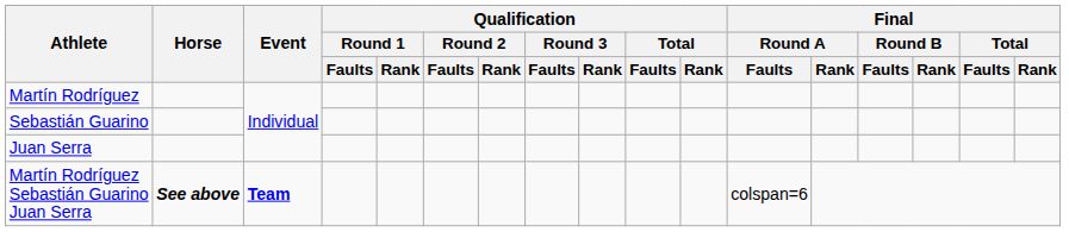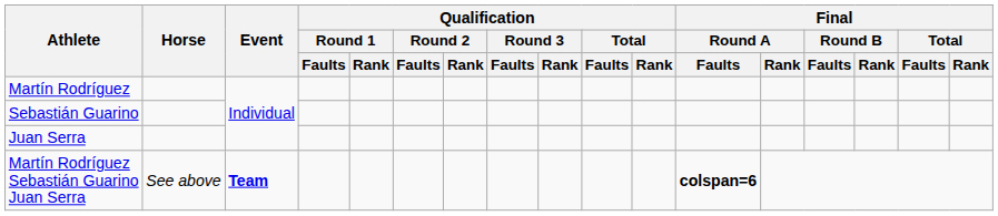 <table class=wikitable style=font-size:90%;text-align:center>
 <tr>
 <th rowspan=3>Athlete</th>
 <th rowspan=3>Horse</th>
 <th rowspan=3>Event</th>
 <th colspan=8>Qualification</th>
 <th colspan=6>Final</th>
 </tr>
 <tr style=font-size:95%>
 <th colspan=2>Round 1</th>
 <th colspan=2>Round 2</th>
 <th colspan=2>Round 3</th>
 <th colspan=2>Total</th>
 <th colspan=2>Round A</th>
 <th colspan=2>Round B</th>
 <th colspan=2>Total</th>
 </tr>
 <tr style=font-size:95%>
 <th>Faults</th>
 <th>Rank</th>
 <th>Faults</th>
 <th>Rank</th>
 <th>Faults</th>
 <th>Rank</th>
 <th>Faults</th>
 <th>Rank</th>
 <th>Faults</th>
 <th>Rank</th>
 <th>Faults</th>
 <th>Rank</th>
 <th>Faults</th>
 <th>Rank</th>
 </tr>
 <tr>
 <td align=left><a href='#'>Martín Rodríguez</a></td>
 <td align=left></td>
 <td align=left rowspan=3><a href='#'>Individual</a></td>
 <td></td>
 <td></td>
 <td></td>
 <td></td>
 <td></td>
 <td></td>
 <td></td>
 <td></td>
 <td></td>
 <td></td>
 <td></td>
 <td></td>
 <td></td>
 <td></td>
 </tr>
 <tr>
 <td align=left><a href='#'>Sebastián Guarino</a></td>
 <td align=left></td>
 <td></td>
 <td></td>
 <td></td>
 <td></td>
 <td></td>
 <td></td>
 <td></td>
 <td></td>
 <td></td>
 <td></td>
 <td></td>
 <td></td>
 <td></td>
 <td></td>
 </tr>
 <tr>
 <td align=left><a href='#'>Juan Serra</a></td>
 <td align=left></td>
 <td></td>
 <td></td>
 <td></td>
 <td></td>
 <td></td>
 <td></td>
 <td></td>
 <td></td>
 <td></td>
 <td></td>
 <td></td>
 <td></td>
 <td></td>
 <td></td>
 </tr>
 <tr>
 <td align=left><a href='#'>Martín Rodríguez</a><br><a href='#'>Sebastián Guarino</a><br><a href='#'>Juan Serra</a></td>
-<td align=left><strong><em>See above</em></strong></td>
+<td align=left><em>See above</em></td>
 <td align=left><strong><a href='#'>Team</a></strong></td>
 <td></td>
 <td></td>
 <td></td>
 <td></td>
 <td></td>
 <td></td>
 <td></td>
 <td></td>
-<td>colspan=6 </td>
+<td><strong>colspan=6 </strong></td>
 </tr>
 </table>
